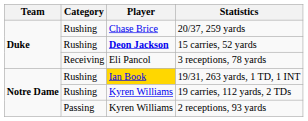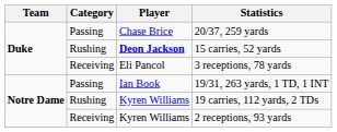 <table class="wikitable" style="float: left;">
 <tr>
 <th>Team</th>
 <th>Category</th>
 <th>Player</th>
 <th>Statistics</th>
 </tr>
 <tr>
 <td rowspan=3><strong>Duke</strong></td>
-<td>Rushing</td>
+<td>Passing</td>
 <td><a href='#'>Chase Brice</a></td>
 <td>20/37, 259 yards</td>
 </tr>
 <tr>
 <td>Rushing</td>
 <td><strong><a href='#'>Deon Jackson</a></strong></td>
 <td>15 carries, 52 yards</td>
 </tr>
 <tr>
 <td>Receiving</td>
 <td>Eli Pancol</td>
 <td>3 receptions, 78 yards</td>
 </tr>
 <tr>
 <td rowspan=3><strong>Notre Dame</strong></td>
-<td>Rushing</td>
-<td style="background: gold;"><a href='#'>Ian Book</a></td>
+<td>Passing</td>
+<td><a href='#'>Ian Book</a></td>
 <td>19/31, 263 yards, 1 TD, 1 INT</td>
 </tr>
 <tr>
 <td>Rushing</td>
 <td><a href='#'>Kyren Williams</a></td>
 <td>19 carries, 112 yards, 2 TDs</td>
 </tr>
 <tr>
-<td>Passing</td>
+<td>Receiving</td>
 <td>Kyren Williams</td>
 <td>2 receptions, 93 yards</td>
 </tr>
 </table>
